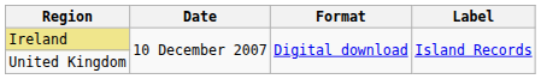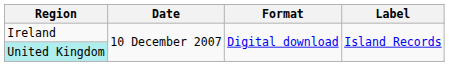 <table class=wikitable>
 <tr>
 <th>Region</th>
 <th>Date</th>
 <th>Format</th>
 <th>Label</th>
 </tr>
 <tr>
-<td style="background: khaki;">Ireland</td>
+<td>Ireland</td>
 <td rowspan="2">10 December 2007</td>
 <td rowspan="2"><a href='#'>Digital download</a></td>
 <td rowspan="2"><a href='#'>Island Records</a></td>
 </tr>
 <tr>
-<td>United Kingdom</td>
+<td style="background: paleturquoise;">United Kingdom</td>
 </tr>
 </table>
